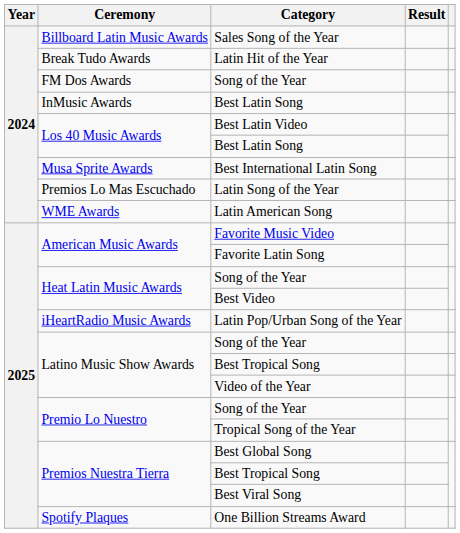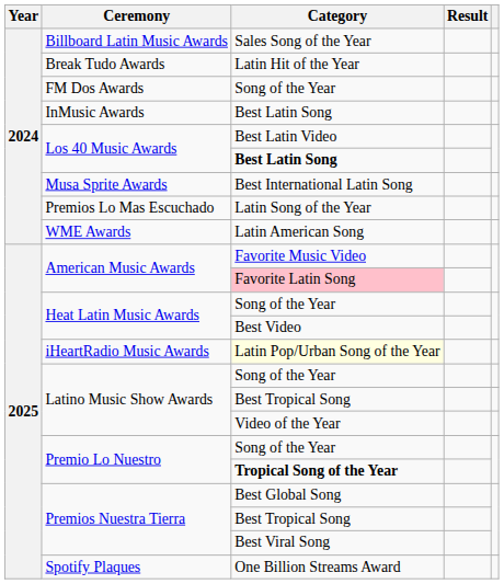 <table class="wikitable unsortable plainrowheaders">
 <tr>
 <th scope="col">Year</th>
 <th scope="col">Ceremony</th>
 <th scope="col">Category</th>
 <th scope="col">Result</th>
 <th class="unsortable"></th>
 </tr>
 <tr>
 <th scope=row rowspan=9>2024</th>
 <td><a href='#'>Billboard Latin Music Awards</a></td>
 <td>Sales Song of the Year</td>
 <td></td>
 <td align="center"></td>
 </tr>
 <tr>
 <td>Break Tudo Awards</td>
 <td>Latin Hit of the Year</td>
 <td></td>
 <td style="text-align:center;"></td>
 </tr>
 <tr>
 <td>FM Dos Awards</td>
 <td>Song of the Year</td>
 <td></td>
 <td align="center"></td>
 </tr>
 <tr>
 <td>InMusic Awards</td>
 <td>Best Latin Song</td>
 <td></td>
 <td align="center"></td>
 </tr>
 <tr>
 <td rowspan="2"><a href='#'>Los 40 Music Awards</a></td>
 <td>Best Latin Video</td>
 <td></td>
 <td align="center"rowspan="2"></td>
 </tr>
 <tr>
-<td>Best Latin Song</td>
+<td><strong>Best Latin Song</strong></td>
 <td></td>
 </tr>
 <tr>
 <td><a href='#'>Musa Sprite Awards</a></td>
 <td>Best International Latin Song</td>
 <td></td>
 <td align="center"></td>
 </tr>
 <tr>
 <td>Premios Lo Mas Escuchado</td>
 <td>Latin Song of the Year</td>
 <td></td>
 <td align="center"></td>
 </tr>
 <tr>
 <td><a href='#'>WME Awards</a></td>
 <td>Latin American Song</td>
 <td></td>
 <td align="center"></td>
 </tr>
 <tr>
 <th scope=row rowspan=14>2025</th>
 <td rowspan=2><a href='#'>American Music Awards</a></td>
 <td><a href='#'>Favorite Music Video</a></td>
 <td></td>
 <td align="center" rowspan=2></td>
 </tr>
 <tr>
-<td>Favorite Latin Song</td>
+<td style="background: pink;">Favorite Latin Song</td>
 <td></td>
 </tr>
 <tr>
 <td rowspan=2><a href='#'>Heat Latin Music Awards</a></td>
 <td>Song of the Year</td>
 <td></td>
 <td align="center" rowspan=2></td>
 </tr>
 <tr>
 <td>Best Video</td>
 <td></td>
 </tr>
 <tr>
 <td><a href='#'>iHeartRadio Music Awards</a></td>
-<td>Latin Pop/Urban Song of the Year</td>
+<td style="background: lightyellow;">Latin Pop/Urban Song of the Year</td>
 <td></td>
 <td style="text-align:center;"></td>
 </tr>
 <tr>
 <td rowspan=3>Latino Music Show Awards</td>
 <td>Song of the Year</td>
 <td></td>
 <td align="center"></td>
 </tr>
 <tr>
 <td>Best Tropical Song</td>
 <td></td>
 <td align="center"></td>
 </tr>
 <tr>
 <td>Video of the Year</td>
 <td></td>
 <td align="center"></td>
 </tr>
 <tr>
 <td rowspan=2><a href='#'>Premio Lo Nuestro</a></td>
 <td>Song of the Year</td>
 <td></td>
 <td align="center" rowspan=2></td>
 </tr>
 <tr>
-<td>Tropical Song of the Year</td>
+<td><strong>Tropical Song of the Year</strong></td>
 <td></td>
 </tr>
 <tr>
 <td rowspan=3><a href='#'>Premios Nuestra Tierra</a></td>
 <td>Best Global Song</td>
 <td></td>
 <td align="center" rowspan=3></td>
 </tr>
 <tr>
 <td>Best Tropical Song</td>
 <td></td>
 </tr>
 <tr>
 <td>Best Viral Song</td>
 <td></td>
 </tr>
 <tr>
 <td><a href='#'>Spotify Plaques</a></td>
 <td>One Billion Streams Award</td>
 <td></td>
 <td align="center"></td>
 </tr>
 </table>
